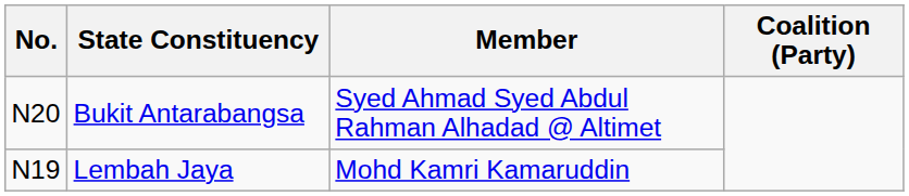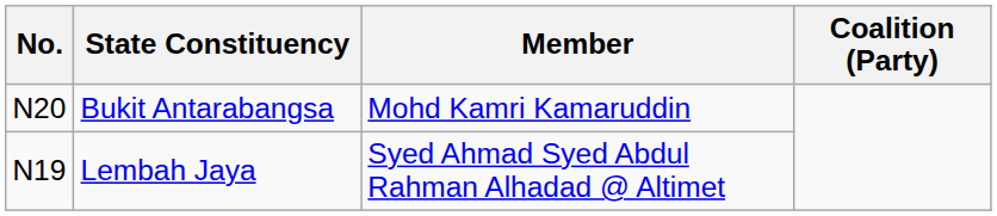 <table class="wikitable">
 <tr>
 <th width="30">No.</th>
 <th width="150">State Constituency</th>
 <th width="230">Member</th>
 <th width="100">Coalition (Party)</th>
 </tr>
 <tr>
 <td>N20</td>
 <td><a href='#'>Bukit Antarabangsa</a></td>
-<td><a href='#'>Syed Ahmad Syed Abdul Rahman Alhadad @ Altimet</a></td>
+<td><a href='#'>Mohd Kamri Kamaruddin</a></td>
 <td rowspan=2></td>
 </tr>
 <tr>
 <td>N19</td>
 <td><a href='#'>Lembah Jaya</a></td>
-<td><a href='#'>Mohd Kamri Kamaruddin</a></td>
+<td><a href='#'>Syed Ahmad Syed Abdul Rahman Alhadad @ Altimet</a></td>
 </tr>
 </table>
